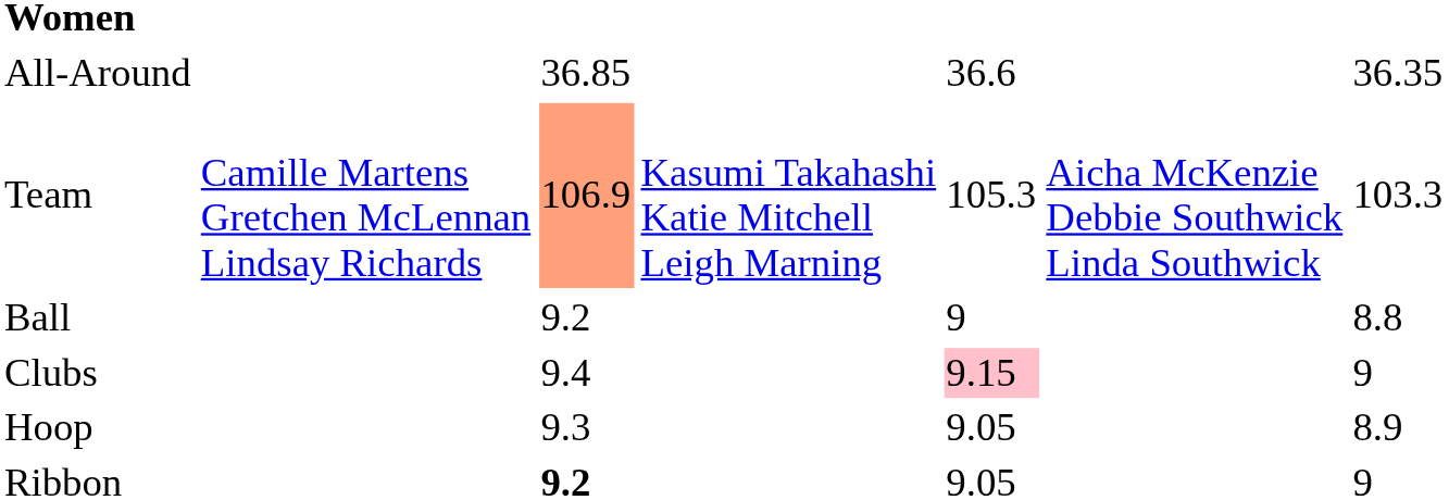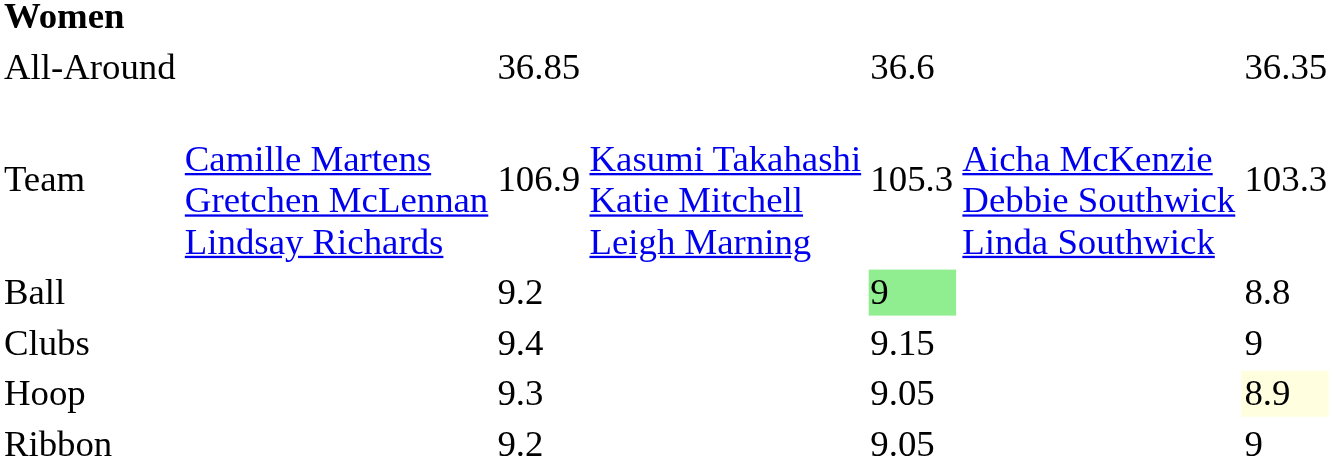 <table>
 <tr>
 <td colspan=7><strong>Women</strong></td>
 </tr>
 <tr>
 <td>All-Around</td>
 <td></td>
 <td>36.85</td>
 <td></td>
 <td>36.6</td>
 <td><br></td>
 <td>36.35</td>
 </tr>
 <tr>
 <td>Team</td>
 <td><br><a href='#'>Camille Martens</a><br><a href='#'>Gretchen McLennan</a><br><a href='#'>Lindsay Richards</a></td>
-<td style="background: lightsalmon;">106.9</td>
+<td>106.9</td>
 <td><br><a href='#'>Kasumi Takahashi</a><br><a href='#'>Katie Mitchell</a><br><a href='#'>Leigh Marning</a></td>
 <td>105.3</td>
 <td><br><a href='#'>Aicha McKenzie</a><br><a href='#'>Debbie Southwick</a><br><a href='#'>Linda Southwick</a></td>
 <td>103.3</td>
 </tr>
 <tr>
 <td>Ball</td>
 <td></td>
 <td>9.2</td>
 <td></td>
-<td>9</td>
+<td style="background: lightgreen;">9</td>
 <td><br></td>
 <td>8.8</td>
 </tr>
 <tr>
 <td>Clubs</td>
 <td></td>
 <td>9.4</td>
 <td></td>
-<td style="background: pink;">9.15</td>
+<td>9.15</td>
 <td></td>
 <td>9</td>
 </tr>
 <tr>
 <td>Hoop</td>
 <td></td>
 <td>9.3</td>
 <td></td>
 <td>9.05</td>
 <td></td>
-<td>8.9</td>
+<td style="background: lightyellow;">8.9</td>
 </tr>
 <tr>
 <td>Ribbon</td>
 <td></td>
-<td><strong>9.2</strong></td>
+<td>9.2</td>
 <td></td>
 <td>9.05</td>
 <td></td>
 <td>9</td>
 </tr>
 </table>
